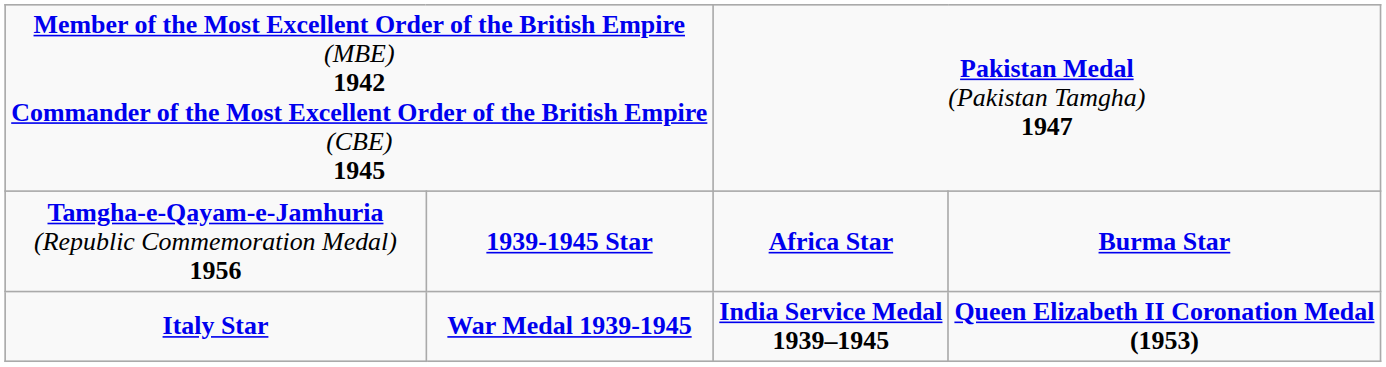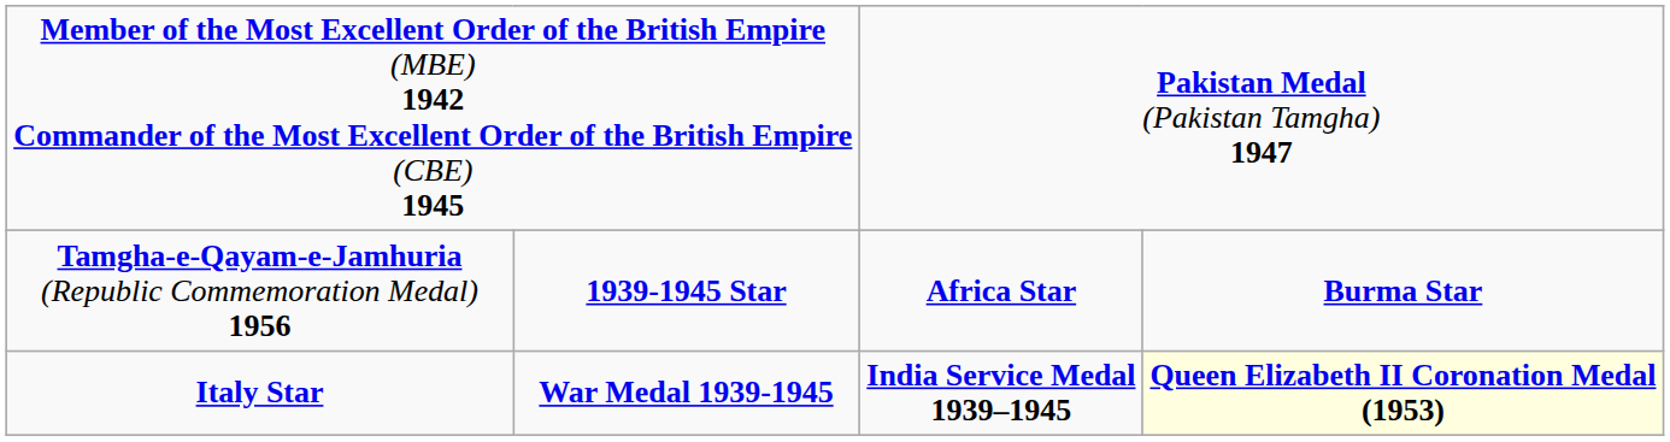 <table class="wikitable" style="margin:1em auto; text-align:center;">
 <tr>
 <td colspan="2"><strong><a href='#'>Member of the Most Excellent Order of the British Empire</a></strong><br><em>(MBE)</em><br><strong>1942</strong><br><strong><a href='#'>Commander of the Most Excellent Order of the British Empire</a></strong><br><em>(CBE)</em><br><strong>1945</strong></td>
 <td colspan="2"><strong><a href='#'>Pakistan Medal</a></strong><br><em>(Pakistan Tamgha)</em><br><strong>1947</strong></td>
 </tr>
 <tr>
 <td><strong><a href='#'>Tamgha-e-Qayam-e-Jamhuria</a></strong><br><em>(Republic Commemoration Medal)</em><br><strong>1956</strong></td>
 <td><strong><a href='#'>1939-1945 Star</a></strong></td>
 <td><strong><a href='#'>Africa Star</a></strong></td>
 <td><strong><a href='#'>Burma Star</a></strong></td>
 </tr>
 <tr>
 <td><strong><a href='#'>Italy Star</a></strong></td>
 <td><strong><a href='#'>War Medal 1939-1945</a></strong></td>
 <td><strong><a href='#'>India Service Medal</a></strong><br><strong>1939–1945</strong></td>
-<td><strong><a href='#'>Queen Elizabeth II Coronation Medal</a></strong><br><strong>(1953)</strong></td>
+<td style="background: lightyellow;"><strong><a href='#'>Queen Elizabeth II Coronation Medal</a></strong><br><strong>(1953)</strong></td>
 </tr>
 </table>
